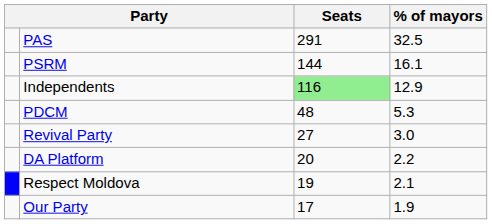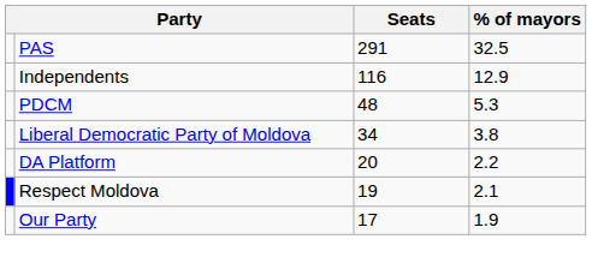 <table class="wikitable unsortable">
 <tr>
 <th style="width:60%;" colspan="2">Party </th>
 <th style="width:20%;">Seats</th>
 <th style="width:20%;">% of mayors</th>
 </tr>
 <tr>
 <td style="background:"></td>
 <td><a href='#'>PAS</a></td>
 <td>291</td>
 <td>32.5</td>
 </tr>
 <tr>
 <td style="background:"></td>
-<td><a href='#'>PSRM</a></td>
-<td>144</td>
-<td>16.1</td>
-</tr>
-<tr>
-<td style="background:"></td>
 <td>Independents</td>
-<td style="background: lightgreen;">116</td>
+<td>116</td>
 <td>12.9</td>
 </tr>
 <tr>
 <td style="background:"></td>
 <td><a href='#'>PDCM</a></td>
 <td>48</td>
 <td>5.3</td>
 </tr>
 <tr>
 <td style="background:"></td>
-<td><a href='#'>Revival Party</a></td>
-<td>27</td>
-<td>3.0</td>
+<td><a href='#'>Liberal Democratic Party of Moldova</a></td>
+<td>34</td>
+<td>3.8</td>
 </tr>
 <tr>
 <td style="background:"></td>
 <td><a href='#'>DA Platform</a></td>
 <td>20</td>
 <td>2.2</td>
 </tr>
 <tr>
 <td style="background:#0000FF;"></td>
 <td>Respect Moldova</td>
 <td>19</td>
 <td>2.1</td>
 </tr>
 <tr>
 <td style="background:"></td>
 <td><a href='#'>Our Party</a></td>
 <td>17</td>
 <td>1.9</td>
 </tr>
 </table>
